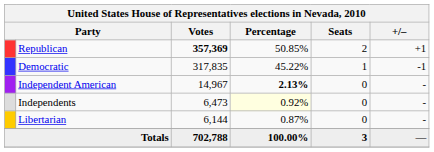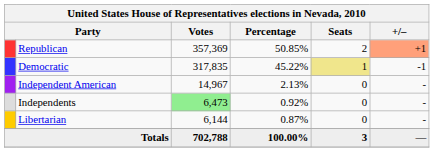 <table class="wikitable" style="font-size: 95%;">
 <tr>
 <th colspan="6">United States House of Representatives elections in Nevada, 2010</th>
 </tr>
 <tr>
 <th colspan=2 style="width: 15em">Party</th>
 <th style="width: 5em">Votes</th>
 <th style="width: 7em">Percentage</th>
 <th style="width: 5em">Seats</th>
 <th style="width: 5em">+/–</th>
 </tr>
 <tr>
 <th style="background-color:#FF3333; width: 3px"></th>
 <td style="width: 130px"><a href='#'>Republican</a></td>
-<td align="right"><strong>357,369</strong></td>
+<td align="right">357,369</td>
 <td align="right">50.85%</td>
 <td align="right">2</td>
-<td align="right">+1</td>
+<td align="right" style="background: lightsalmon;">+1</td>
 </tr>
 <tr>
 <th style="background-color:#3333FF; width: 3px"></th>
 <td style="width: 130px"><a href='#'>Democratic</a></td>
 <td align="right">317,835</td>
 <td align="right">45.22%</td>
-<td align="right">1</td>
+<td align="right" style="background: khaki;">1</td>
 <td align="right">-1</td>
 </tr>
 <tr>
 <th style="background-color:#A020F0; width: 3px"></th>
 <td style="width: 130px"><a href='#'>Independent American</a></td>
 <td align="right">14,967</td>
-<td align="right"><strong>2.13%</strong></td>
+<td align="right">2.13%</td>
 <td align="right">0</td>
 <td align="right">-</td>
 </tr>
 <tr>
 <th style="background-color:#DDDDDD; width: 3px"></th>
 <td style="width: 130px">Independents</td>
-<td align="right">6,473</td>
-<td align="right" style="background: lightyellow;">0.92%</td>
+<td align="right" style="background: lightgreen;">6,473</td>
+<td align="right">0.92%</td>
 <td align="right">0</td>
 <td align="right">-</td>
 </tr>
 <tr>
 <th style="background-color:#FFCC00; width: 3px"></th>
 <td style="width: 130px"><a href='#'>Libertarian</a></td>
 <td align="right">6,144</td>
 <td align="right">0.87%</td>
 <td align="right">0</td>
 <td align="right">-</td>
 </tr>
 <tr>
 </tr>
 <tr bgcolor="#EEEEEE">
 <td colspan="2" align="right"><strong>Totals</strong></td>
 <td align="right"><strong>702,788</strong></td>
 <td align="right"><strong>100.00%</strong></td>
 <td align="right"><strong>3</strong></td>
 <td align="right"><strong>—</strong></td>
 </tr>
 <tr bgcolor="#EEEEEE">
 </tr>
 </table>
